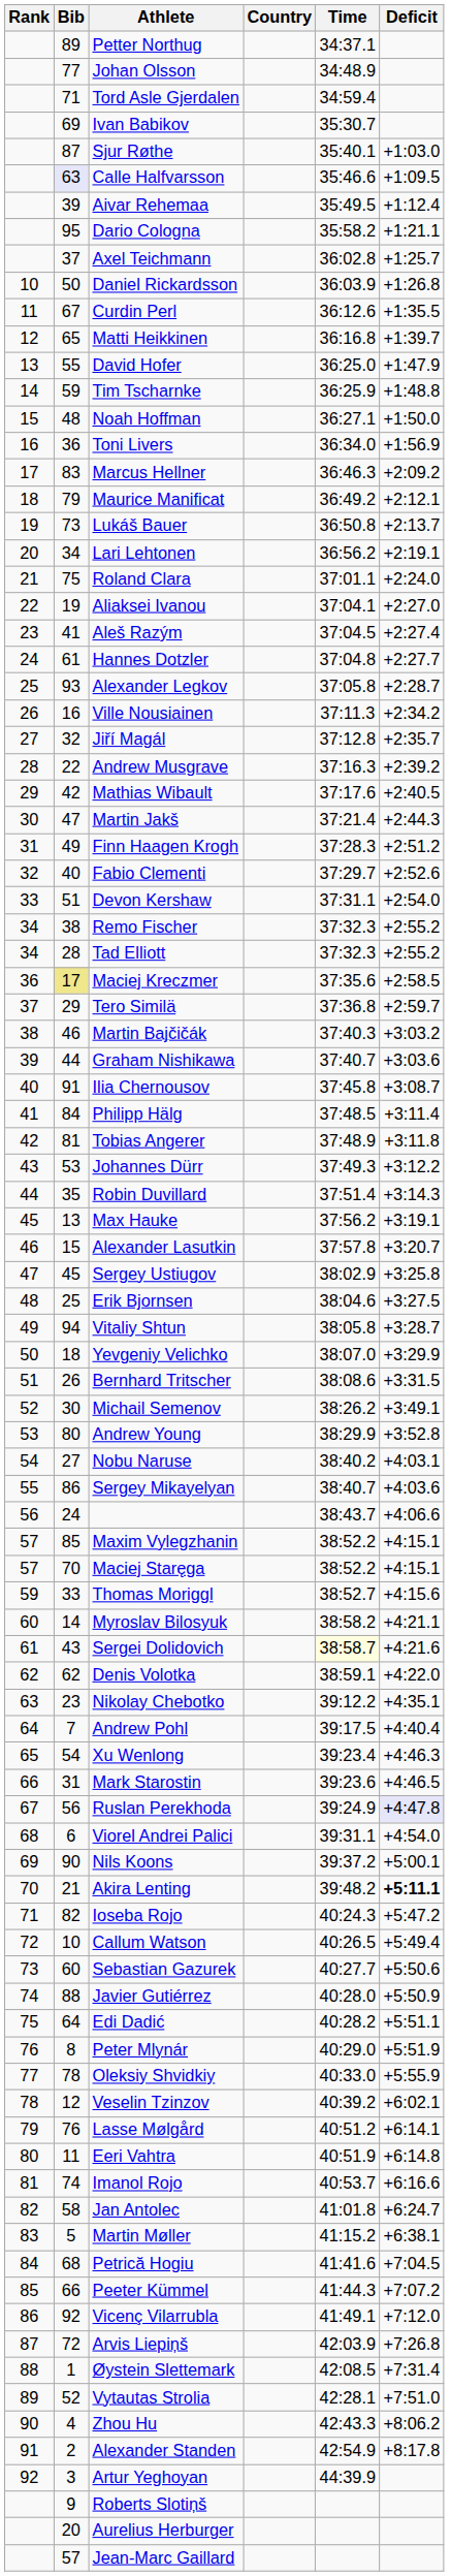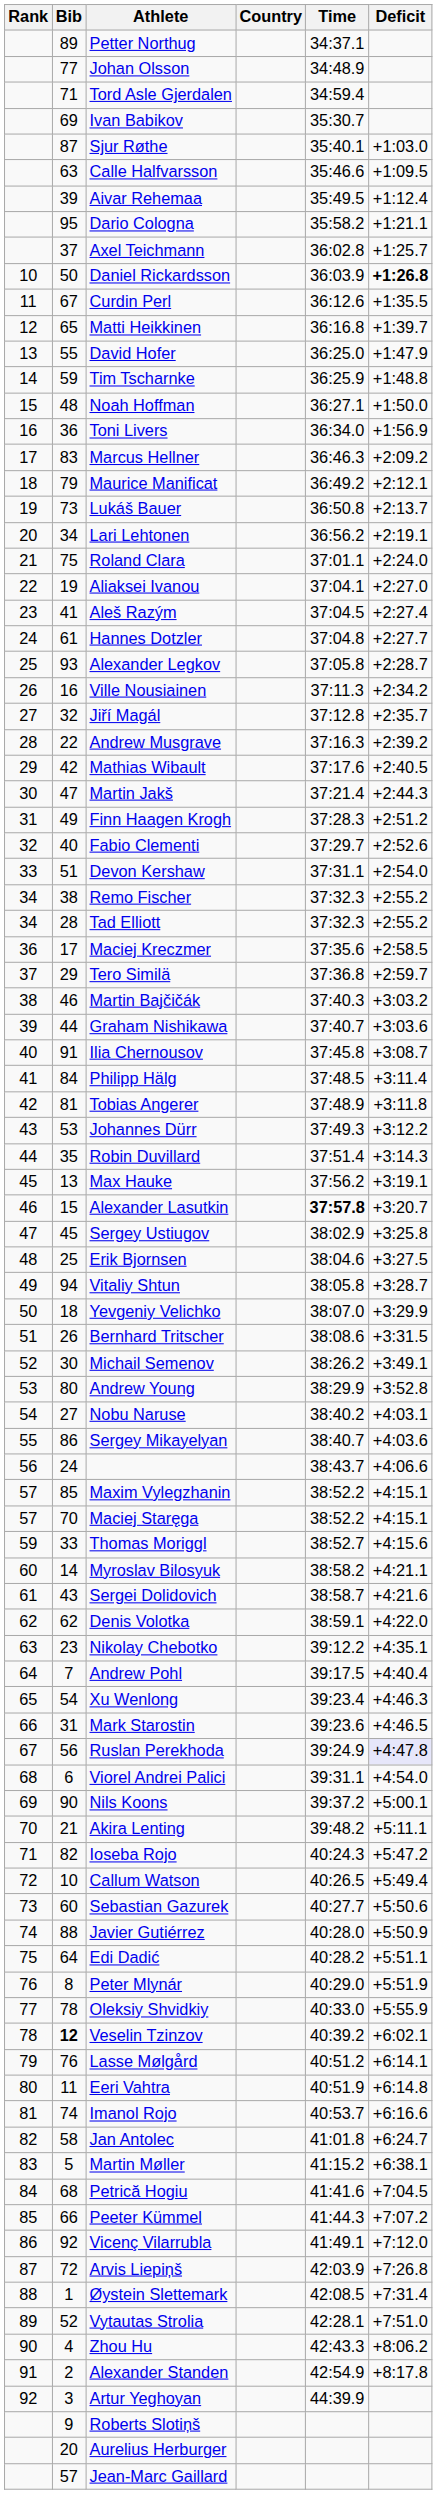 <table class="wikitable sortable" style="text-align:center">
 <tr>
 <th>Rank</th>
 <th>Bib</th>
 <th>Athlete</th>
 <th>Country</th>
 <th>Time</th>
 <th>Deficit</th>
 </tr>
 <tr>
 <td></td>
 <td>89</td>
 <td align=left><a href='#'>Petter Northug</a></td>
 <td align=left></td>
 <td>34:37.1</td>
 <td></td>
 </tr>
 <tr>
 <td></td>
 <td>77</td>
 <td align=left><a href='#'>Johan Olsson</a></td>
 <td align=left></td>
 <td>34:48.9</td>
 <td></td>
 </tr>
 <tr>
 <td></td>
 <td>71</td>
 <td align=left><a href='#'>Tord Asle Gjerdalen</a></td>
 <td align=left></td>
 <td>34:59.4</td>
 <td></td>
 </tr>
 <tr>
 <td></td>
 <td>69</td>
 <td align=left><a href='#'>Ivan Babikov</a></td>
 <td align=left></td>
 <td>35:30.7</td>
 <td></td>
 </tr>
 <tr>
 <td></td>
 <td>87</td>
 <td align=left><a href='#'>Sjur Røthe</a></td>
 <td align=left></td>
 <td>35:40.1</td>
 <td>+1:03.0</td>
 </tr>
 <tr>
 <td></td>
-<td style="background: lavender;">63</td>
+<td>63</td>
 <td align=left><a href='#'>Calle Halfvarsson</a></td>
 <td align=left></td>
 <td>35:46.6</td>
 <td>+1:09.5</td>
 </tr>
 <tr>
 <td></td>
 <td>39</td>
 <td align=left><a href='#'>Aivar Rehemaa</a></td>
 <td align=left></td>
 <td>35:49.5</td>
 <td>+1:12.4</td>
 </tr>
 <tr>
 <td></td>
 <td>95</td>
 <td align=left><a href='#'>Dario Cologna</a></td>
 <td align=left></td>
 <td>35:58.2</td>
 <td>+1:21.1</td>
 </tr>
 <tr>
 <td></td>
 <td>37</td>
 <td align=left><a href='#'>Axel Teichmann</a></td>
 <td align=left></td>
 <td>36:02.8</td>
 <td>+1:25.7</td>
 </tr>
 <tr>
 <td>10</td>
 <td>50</td>
 <td align=left><a href='#'>Daniel Rickardsson</a></td>
 <td align=left></td>
 <td>36:03.9</td>
-<td>+1:26.8</td>
+<td><strong>+1:26.8</strong></td>
 </tr>
 <tr>
 <td>11</td>
 <td>67</td>
 <td align=left><a href='#'>Curdin Perl</a></td>
 <td align=left></td>
 <td>36:12.6</td>
 <td>+1:35.5</td>
 </tr>
 <tr>
 <td>12</td>
 <td>65</td>
 <td align=left><a href='#'>Matti Heikkinen</a></td>
 <td align=left></td>
 <td>36:16.8</td>
 <td>+1:39.7</td>
 </tr>
 <tr>
 <td>13</td>
 <td>55</td>
 <td align=left><a href='#'>David Hofer</a></td>
 <td align=left></td>
 <td>36:25.0</td>
 <td>+1:47.9</td>
 </tr>
 <tr>
 <td>14</td>
 <td>59</td>
 <td align=left><a href='#'>Tim Tscharnke</a></td>
 <td align=left></td>
 <td>36:25.9</td>
 <td>+1:48.8</td>
 </tr>
 <tr>
 <td>15</td>
 <td>48</td>
 <td align=left><a href='#'>Noah Hoffman</a></td>
 <td align=left></td>
 <td>36:27.1</td>
 <td>+1:50.0</td>
 </tr>
 <tr>
 <td>16</td>
 <td>36</td>
 <td align=left><a href='#'>Toni Livers</a></td>
 <td align=left></td>
 <td>36:34.0</td>
 <td>+1:56.9</td>
 </tr>
 <tr>
 <td>17</td>
 <td>83</td>
 <td align=left><a href='#'>Marcus Hellner</a></td>
 <td align=left></td>
 <td>36:46.3</td>
 <td>+2:09.2</td>
 </tr>
 <tr>
 <td>18</td>
 <td>79</td>
 <td align=left><a href='#'>Maurice Manificat</a></td>
 <td align=left></td>
 <td>36:49.2</td>
 <td>+2:12.1</td>
 </tr>
 <tr>
 <td>19</td>
 <td>73</td>
 <td align=left><a href='#'>Lukáš Bauer</a></td>
 <td align=left></td>
 <td>36:50.8</td>
 <td>+2:13.7</td>
 </tr>
 <tr>
 <td>20</td>
 <td>34</td>
 <td align=left><a href='#'>Lari Lehtonen</a></td>
 <td align=left></td>
 <td>36:56.2</td>
 <td>+2:19.1</td>
 </tr>
 <tr>
 <td>21</td>
 <td>75</td>
 <td align=left><a href='#'>Roland Clara</a></td>
 <td align=left></td>
 <td>37:01.1</td>
 <td>+2:24.0</td>
 </tr>
 <tr>
 <td>22</td>
 <td>19</td>
 <td align=left><a href='#'>Aliaksei Ivanou</a></td>
 <td align=left></td>
 <td>37:04.1</td>
 <td>+2:27.0</td>
 </tr>
 <tr>
 <td>23</td>
 <td>41</td>
 <td align=left><a href='#'>Aleš Razým</a></td>
 <td align=left></td>
 <td>37:04.5</td>
 <td>+2:27.4</td>
 </tr>
 <tr>
 <td>24</td>
 <td>61</td>
 <td align=left><a href='#'>Hannes Dotzler</a></td>
 <td align=left></td>
 <td>37:04.8</td>
 <td>+2:27.7</td>
 </tr>
 <tr>
 <td>25</td>
 <td>93</td>
 <td align=left><a href='#'>Alexander Legkov</a></td>
 <td align=left></td>
 <td>37:05.8</td>
 <td>+2:28.7</td>
 </tr>
 <tr>
 <td>26</td>
 <td>16</td>
 <td align=left><a href='#'>Ville Nousiainen</a></td>
 <td align=left></td>
 <td>37:11.3</td>
 <td>+2:34.2</td>
 </tr>
 <tr>
 <td>27</td>
 <td>32</td>
 <td align=left><a href='#'>Jiří Magál</a></td>
 <td align=left></td>
 <td>37:12.8</td>
 <td>+2:35.7</td>
 </tr>
 <tr>
 <td>28</td>
 <td>22</td>
 <td align=left><a href='#'>Andrew Musgrave</a></td>
 <td align=left></td>
 <td>37:16.3</td>
 <td>+2:39.2</td>
 </tr>
 <tr>
 <td>29</td>
 <td>42</td>
 <td align=left><a href='#'>Mathias Wibault</a></td>
 <td align=left></td>
 <td>37:17.6</td>
 <td>+2:40.5</td>
 </tr>
 <tr>
 <td>30</td>
 <td>47</td>
 <td align=left><a href='#'>Martin Jakš</a></td>
 <td align=left></td>
 <td>37:21.4</td>
 <td>+2:44.3</td>
 </tr>
 <tr>
 <td>31</td>
 <td>49</td>
 <td align=left><a href='#'>Finn Haagen Krogh</a></td>
 <td align=left></td>
 <td>37:28.3</td>
 <td>+2:51.2</td>
 </tr>
 <tr>
 <td>32</td>
 <td>40</td>
 <td align=left><a href='#'>Fabio Clementi</a></td>
 <td align=left></td>
 <td>37:29.7</td>
 <td>+2:52.6</td>
 </tr>
 <tr>
 <td>33</td>
 <td>51</td>
 <td align=left><a href='#'>Devon Kershaw</a></td>
 <td align=left></td>
 <td>37:31.1</td>
 <td>+2:54.0</td>
 </tr>
 <tr>
 <td>34</td>
 <td>38</td>
 <td align=left><a href='#'>Remo Fischer</a></td>
 <td align=left></td>
 <td>37:32.3</td>
 <td>+2:55.2</td>
 </tr>
 <tr>
 <td>34</td>
 <td>28</td>
 <td align=left><a href='#'>Tad Elliott</a></td>
 <td align=left></td>
 <td>37:32.3</td>
 <td>+2:55.2</td>
 </tr>
 <tr>
 <td>36</td>
-<td style="background: khaki;">17</td>
+<td>17</td>
 <td align=left><a href='#'>Maciej Kreczmer</a></td>
 <td align=left></td>
 <td>37:35.6</td>
 <td>+2:58.5</td>
 </tr>
 <tr>
 <td>37</td>
 <td>29</td>
 <td align=left><a href='#'>Tero Similä</a></td>
 <td align=left></td>
 <td>37:36.8</td>
 <td>+2:59.7</td>
 </tr>
 <tr>
 <td>38</td>
 <td>46</td>
 <td align=left><a href='#'>Martin Bajčičák</a></td>
 <td align=left></td>
 <td>37:40.3</td>
 <td>+3:03.2</td>
 </tr>
 <tr>
 <td>39</td>
 <td>44</td>
 <td align=left><a href='#'>Graham Nishikawa</a></td>
 <td align=left></td>
 <td>37:40.7</td>
 <td>+3:03.6</td>
 </tr>
 <tr>
 <td>40</td>
 <td>91</td>
 <td align=left><a href='#'>Ilia Chernousov</a></td>
 <td align=left></td>
 <td>37:45.8</td>
 <td>+3:08.7</td>
 </tr>
 <tr>
 <td>41</td>
 <td>84</td>
 <td align=left><a href='#'>Philipp Hälg</a></td>
 <td align=left></td>
 <td>37:48.5</td>
 <td>+3:11.4</td>
 </tr>
 <tr>
 <td>42</td>
 <td>81</td>
 <td align=left><a href='#'>Tobias Angerer</a></td>
 <td align=left></td>
 <td>37:48.9</td>
 <td>+3:11.8</td>
 </tr>
 <tr>
 <td>43</td>
 <td>53</td>
 <td align=left><a href='#'>Johannes Dürr</a></td>
 <td align=left></td>
 <td>37:49.3</td>
 <td>+3:12.2</td>
 </tr>
 <tr>
 <td>44</td>
 <td>35</td>
 <td align=left><a href='#'>Robin Duvillard</a></td>
 <td align=left></td>
 <td>37:51.4</td>
 <td>+3:14.3</td>
 </tr>
 <tr>
 <td>45</td>
 <td>13</td>
 <td align=left><a href='#'>Max Hauke</a></td>
 <td align=left></td>
 <td>37:56.2</td>
 <td>+3:19.1</td>
 </tr>
 <tr>
 <td>46</td>
 <td>15</td>
 <td align=left><a href='#'>Alexander Lasutkin</a></td>
 <td align=left></td>
-<td>37:57.8</td>
+<td><strong>37:57.8</strong></td>
 <td>+3:20.7</td>
 </tr>
 <tr>
 <td>47</td>
 <td>45</td>
 <td align=left><a href='#'>Sergey Ustiugov</a></td>
 <td align=left></td>
 <td>38:02.9</td>
 <td>+3:25.8</td>
 </tr>
 <tr>
 <td>48</td>
 <td>25</td>
 <td align=left><a href='#'>Erik Bjornsen</a></td>
 <td align=left></td>
 <td>38:04.6</td>
 <td>+3:27.5</td>
 </tr>
 <tr>
 <td>49</td>
 <td>94</td>
 <td align=left><a href='#'>Vitaliy Shtun</a></td>
 <td align=left></td>
 <td>38:05.8</td>
 <td>+3:28.7</td>
 </tr>
 <tr>
 <td>50</td>
 <td>18</td>
 <td align=left><a href='#'>Yevgeniy Velichko</a></td>
 <td align=left></td>
 <td>38:07.0</td>
 <td>+3:29.9</td>
 </tr>
 <tr>
 <td>51</td>
 <td>26</td>
 <td align=left><a href='#'>Bernhard Tritscher</a></td>
 <td align=left></td>
 <td>38:08.6</td>
 <td>+3:31.5</td>
 </tr>
 <tr>
 <td>52</td>
 <td>30</td>
 <td align=left><a href='#'>Michail Semenov</a></td>
 <td align=left></td>
 <td>38:26.2</td>
 <td>+3:49.1</td>
 </tr>
 <tr>
 <td>53</td>
 <td>80</td>
 <td align=left><a href='#'>Andrew Young</a></td>
 <td align=left></td>
 <td>38:29.9</td>
 <td>+3:52.8</td>
 </tr>
 <tr>
 <td>54</td>
 <td>27</td>
 <td align=left><a href='#'>Nobu Naruse</a></td>
 <td align=left></td>
 <td>38:40.2</td>
 <td>+4:03.1</td>
 </tr>
 <tr>
 <td>55</td>
 <td>86</td>
 <td align=left><a href='#'>Sergey Mikayelyan</a></td>
 <td align=left></td>
 <td>38:40.7</td>
 <td>+4:03.6</td>
 </tr>
 <tr>
 <td>56</td>
 <td>24</td>
 <td align=left></td>
 <td align=left></td>
 <td>38:43.7</td>
 <td>+4:06.6</td>
 </tr>
 <tr>
 <td>57</td>
 <td>85</td>
 <td align=left><a href='#'>Maxim Vylegzhanin</a></td>
 <td align=left></td>
 <td>38:52.2</td>
 <td>+4:15.1</td>
 </tr>
 <tr>
 <td>57</td>
 <td>70</td>
 <td align=left><a href='#'>Maciej Staręga</a></td>
 <td align=left></td>
 <td>38:52.2</td>
 <td>+4:15.1</td>
 </tr>
 <tr>
 <td>59</td>
 <td>33</td>
 <td align=left><a href='#'>Thomas Moriggl</a></td>
 <td align=left></td>
 <td>38:52.7</td>
 <td>+4:15.6</td>
 </tr>
 <tr>
 <td>60</td>
 <td>14</td>
 <td align=left><a href='#'>Myroslav Bilosyuk</a></td>
 <td align=left></td>
 <td>38:58.2</td>
 <td>+4:21.1</td>
 </tr>
 <tr>
 <td>61</td>
 <td>43</td>
 <td align=left><a href='#'>Sergei Dolidovich</a></td>
 <td align=left></td>
-<td style="background: lightyellow;">38:58.7</td>
+<td>38:58.7</td>
 <td>+4:21.6</td>
 </tr>
 <tr>
 <td>62</td>
 <td>62</td>
 <td align=left><a href='#'>Denis Volotka</a></td>
 <td align=left></td>
 <td>38:59.1</td>
 <td>+4:22.0</td>
 </tr>
 <tr>
 <td>63</td>
 <td>23</td>
 <td align=left><a href='#'>Nikolay Chebotko</a></td>
 <td align=left></td>
 <td>39:12.2</td>
 <td>+4:35.1</td>
 </tr>
 <tr>
 <td>64</td>
 <td>7</td>
 <td align=left><a href='#'>Andrew Pohl</a></td>
 <td align=left></td>
 <td>39:17.5</td>
 <td>+4:40.4</td>
 </tr>
 <tr>
 <td>65</td>
 <td>54</td>
 <td align=left><a href='#'>Xu Wenlong</a></td>
 <td align=left></td>
 <td>39:23.4</td>
 <td>+4:46.3</td>
 </tr>
 <tr>
 <td>66</td>
 <td>31</td>
 <td align=left><a href='#'>Mark Starostin</a></td>
 <td align=left></td>
 <td>39:23.6</td>
 <td>+4:46.5</td>
 </tr>
 <tr>
 <td>67</td>
 <td>56</td>
 <td align=left><a href='#'>Ruslan Perekhoda</a></td>
 <td align=left></td>
 <td>39:24.9</td>
 <td style="background: lavender;">+4:47.8</td>
 </tr>
 <tr>
 <td>68</td>
 <td>6</td>
 <td align=left><a href='#'>Viorel Andrei Palici</a></td>
 <td align=left></td>
 <td>39:31.1</td>
 <td>+4:54.0</td>
 </tr>
 <tr>
 <td>69</td>
 <td>90</td>
 <td align=left><a href='#'>Nils Koons</a></td>
 <td align=left></td>
 <td>39:37.2</td>
 <td>+5:00.1</td>
 </tr>
 <tr>
 <td>70</td>
 <td>21</td>
 <td align=left><a href='#'>Akira Lenting</a></td>
 <td align=left></td>
 <td>39:48.2</td>
-<td><strong>+5:11.1</strong></td>
+<td>+5:11.1</td>
 </tr>
 <tr>
 <td>71</td>
 <td>82</td>
 <td align=left><a href='#'>Ioseba Rojo</a></td>
 <td align=left></td>
 <td>40:24.3</td>
 <td>+5:47.2</td>
 </tr>
 <tr>
 <td>72</td>
 <td>10</td>
 <td align=left><a href='#'>Callum Watson</a></td>
 <td align=left></td>
 <td>40:26.5</td>
 <td>+5:49.4</td>
 </tr>
 <tr>
 <td>73</td>
 <td>60</td>
 <td align=left><a href='#'>Sebastian Gazurek</a></td>
 <td align=left></td>
 <td>40:27.7</td>
 <td>+5:50.6</td>
 </tr>
 <tr>
 <td>74</td>
 <td>88</td>
 <td align=left><a href='#'>Javier Gutiérrez</a></td>
 <td align=left></td>
 <td>40:28.0</td>
 <td>+5:50.9</td>
 </tr>
 <tr>
 <td>75</td>
 <td>64</td>
 <td align=left><a href='#'>Edi Dadić</a></td>
 <td align=left></td>
 <td>40:28.2</td>
 <td>+5:51.1</td>
 </tr>
 <tr>
 <td>76</td>
 <td>8</td>
 <td align=left><a href='#'>Peter Mlynár</a></td>
 <td align=left></td>
 <td>40:29.0</td>
 <td>+5:51.9</td>
 </tr>
 <tr>
 <td>77</td>
 <td>78</td>
 <td align=left><a href='#'>Oleksiy Shvidkiy</a></td>
 <td align=left></td>
 <td>40:33.0</td>
 <td>+5:55.9</td>
 </tr>
 <tr>
 <td>78</td>
-<td>12</td>
+<td><strong>12</strong></td>
 <td align=left><a href='#'>Veselin Tzinzov</a></td>
 <td align=left></td>
 <td>40:39.2</td>
 <td>+6:02.1</td>
 </tr>
 <tr>
 <td>79</td>
 <td>76</td>
 <td align=left><a href='#'>Lasse Mølgård</a></td>
 <td align=left></td>
 <td>40:51.2</td>
 <td>+6:14.1</td>
 </tr>
 <tr>
 <td>80</td>
 <td>11</td>
 <td align=left><a href='#'>Eeri Vahtra</a></td>
 <td align=left></td>
 <td>40:51.9</td>
 <td>+6:14.8</td>
 </tr>
 <tr>
 <td>81</td>
 <td>74</td>
 <td align=left><a href='#'>Imanol Rojo</a></td>
 <td align=left></td>
 <td>40:53.7</td>
 <td>+6:16.6</td>
 </tr>
 <tr>
 <td>82</td>
 <td>58</td>
 <td align=left><a href='#'>Jan Antolec</a></td>
 <td align=left></td>
 <td>41:01.8</td>
 <td>+6:24.7</td>
 </tr>
 <tr>
 <td>83</td>
 <td>5</td>
 <td align=left><a href='#'>Martin Møller</a></td>
 <td align=left></td>
 <td>41:15.2</td>
 <td>+6:38.1</td>
 </tr>
 <tr>
 <td>84</td>
 <td>68</td>
 <td align=left><a href='#'>Petrică Hogiu</a></td>
 <td align=left></td>
 <td>41:41.6</td>
 <td>+7:04.5</td>
 </tr>
 <tr>
 <td>85</td>
 <td>66</td>
 <td align=left><a href='#'>Peeter Kümmel</a></td>
 <td align=left></td>
 <td>41:44.3</td>
 <td>+7:07.2</td>
 </tr>
 <tr>
 <td>86</td>
 <td>92</td>
 <td align=left><a href='#'>Vicenç Vilarrubla</a></td>
 <td align=left></td>
 <td>41:49.1</td>
 <td>+7:12.0</td>
 </tr>
 <tr>
 <td>87</td>
 <td>72</td>
 <td align=left><a href='#'>Arvis Liepiņš</a></td>
 <td align=left></td>
 <td>42:03.9</td>
 <td>+7:26.8</td>
 </tr>
 <tr>
 <td>88</td>
 <td>1</td>
 <td align=left><a href='#'>Øystein Slettemark</a></td>
 <td align=left></td>
 <td>42:08.5</td>
 <td>+7:31.4</td>
 </tr>
 <tr>
 <td>89</td>
 <td>52</td>
 <td align=left><a href='#'>Vytautas Strolia</a></td>
 <td align=left></td>
 <td>42:28.1</td>
 <td>+7:51.0</td>
 </tr>
 <tr>
 <td>90</td>
 <td>4</td>
 <td align=left><a href='#'>Zhou Hu</a></td>
 <td align=left></td>
 <td>42:43.3</td>
 <td>+8:06.2</td>
 </tr>
 <tr>
 <td>91</td>
 <td>2</td>
 <td align=left><a href='#'>Alexander Standen</a></td>
 <td align=left></td>
 <td>42:54.9</td>
 <td>+8:17.8</td>
 </tr>
 <tr>
 <td>92</td>
 <td>3</td>
 <td align=left><a href='#'>Artur Yeghoyan</a></td>
 <td align=left></td>
 <td>44:39.9</td>
 <td></td>
 </tr>
 <tr>
 <td></td>
 <td>9</td>
 <td align=left><a href='#'>Roberts Slotiņš</a></td>
 <td align=left></td>
 <td></td>
 <td></td>
 </tr>
 <tr>
 <td></td>
 <td>20</td>
 <td align=left><a href='#'>Aurelius Herburger</a></td>
 <td align=left></td>
 <td></td>
 <td></td>
 </tr>
 <tr>
 <td></td>
 <td>57</td>
 <td align=left><a href='#'>Jean-Marc Gaillard</a></td>
 <td align=left></td>
 <td></td>
 <td></td>
 </tr>
 </table>
